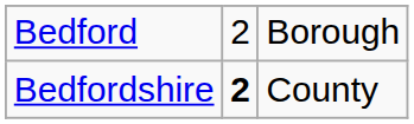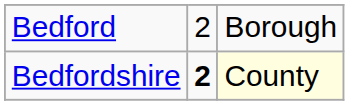 <table class="wikitable sortable">
 <tr>
 <td><a href='#'>Bedford</a></td>
 <td align="center">2</td>
 <td>Borough</td>
 </tr>
 <tr>
 <td><a href='#'>Bedfordshire</a></td>
 <td align="center"><strong>2</strong></td>
-<td>County</td>
+<td style="background: lightyellow;">County</td>
 </tr>
 </table>
